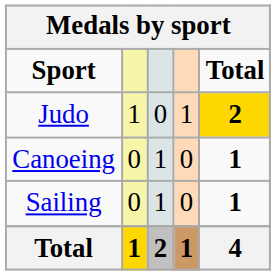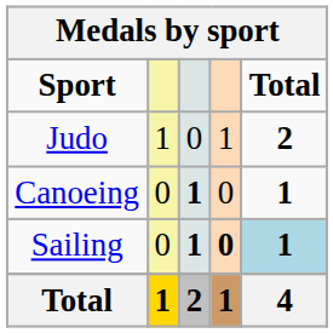 <table class=wikitable style="font-size:85%; float:right">
 <tr bgcolor=efefef>
 <th colspan=7>Medals by sport</th>
 </tr>
 <tr align=center>
 <td><strong>Sport</strong></td>
 <td bgcolor=f7f6a8></td>
 <td bgcolor=dce5e5></td>
 <td bgcolor=ffdab9></td>
 <td><strong>Total</strong></td>
 </tr>
 <tr align=center>
 <td><a href='#'>Judo</a></td>
 <td style="background:#F7F6A8;">1</td>
 <td style="background:#DCE5E5;">0</td>
 <td style="background:#FFDAB9;">1</td>
-<td style="background: gold;"><strong>2</strong></td>
+<td><strong>2</strong></td>
 </tr>
 <tr align=center>
 <td><a href='#'>Canoeing</a></td>
 <td style="background:#F7F6A8;">0</td>
-<td style="background:#DCE5E5;">1</td>
+<td style="background:#DCE5E5;"><strong>1</strong></td>
 <td style="background:#FFDAB9;">0</td>
 <td><strong>1</strong></td>
 </tr>
 <tr align=center>
 <td><a href='#'>Sailing</a></td>
 <td style="background:#F7F6A8;">0</td>
-<td style="background:#DCE5E5;">1</td>
-<td style="background:#FFDAB9;">0</td>
-<td><strong>1</strong></td>
+<td style="background:#DCE5E5;"><strong>1</strong></td>
+<td style="background:#FFDAB9;"><strong>0</strong></td>
+<td style="background: lightblue;"><strong>1</strong></td>
 </tr>
 <tr>
 </tr>
 <tr align=center>
 <th>Total</th>
 <th style="background:gold">1</th>
 <th style="background:silver">2</th>
 <th style="background:#c96">1</th>
 <th>4</th>
 </tr>
 </table>
